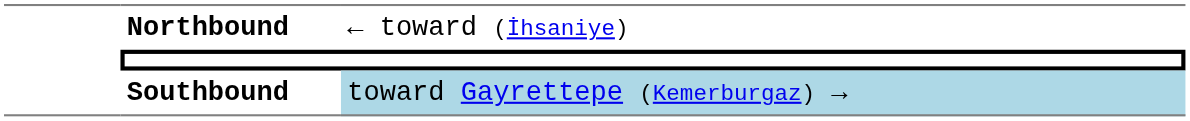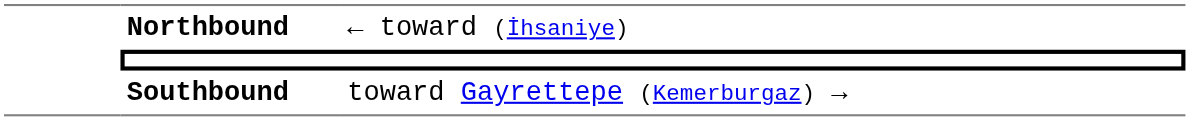 <table table border=0 cellspacing=0 cellpadding=3>
 <tr>
 <td style="border-top:solid 1px gray;border-bottom:solid 1px gray;" width=50 rowspan=3 valign=top></td>
 <td style="border-top:solid 1px gray;" width=100><strong>Northbound</strong></td>
 <td style="border-top:solid 1px gray;" width=400>←  toward  <small>(<a href='#'>İhsaniye</a>)</small></td>
 </tr>
 <tr>
 <td style="border-top:solid 2px black;border-right:solid 2px black;border-left:solid 2px black;border-bottom:solid 2px black;text-align:center;" colspan=2></td>
 </tr>
 <tr>
 <td style="border-bottom:solid 1px gray;"><strong>Southbound</strong></td>
-<td style="background: lightblue; border-bottom:solid 1px gray;"> toward <a href='#'>Gayrettepe</a> <small>(<a href='#'>Kemerburgaz</a>)</small> →</td>
+<td style="border-bottom:solid 1px gray;"> toward <a href='#'>Gayrettepe</a> <small>(<a href='#'>Kemerburgaz</a>)</small> →</td>
 </tr>
 </table>
